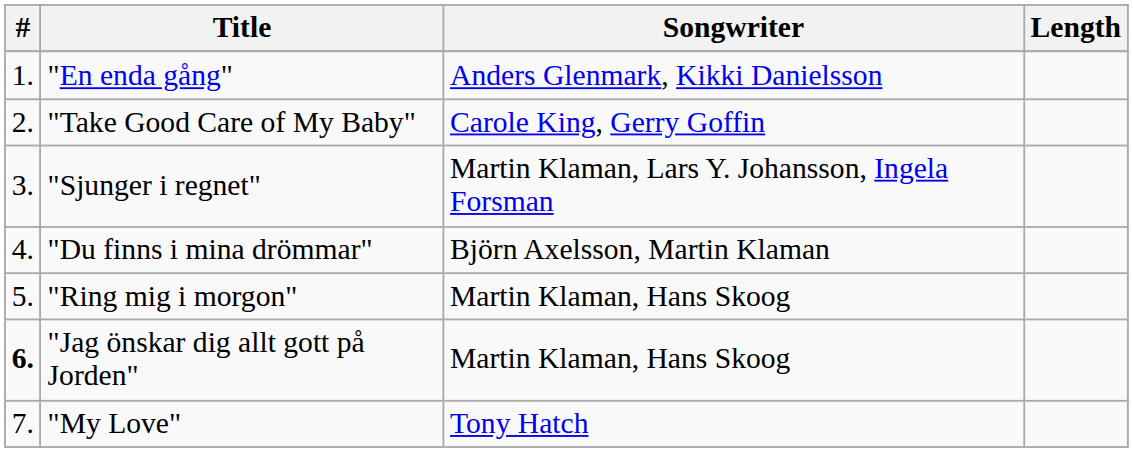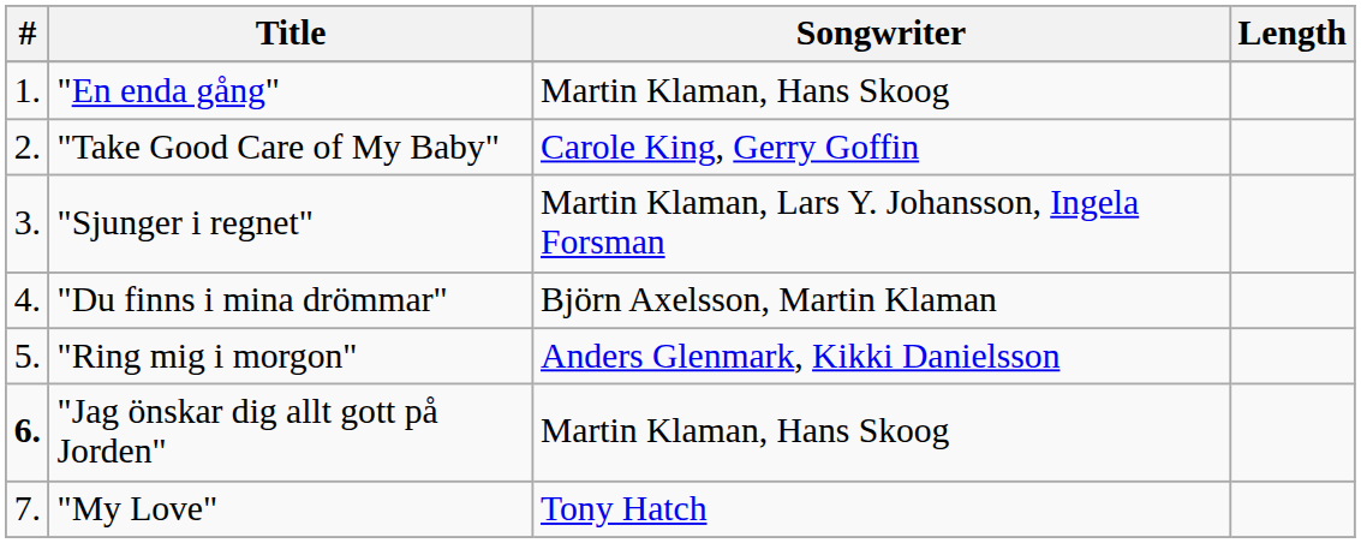 <table class="wikitable">
 <tr>
 <th>#</th>
 <th>Title</th>
 <th>Songwriter</th>
 <th>Length</th>
 </tr>
 <tr bgcolor="#ebf5ff">
 </tr>
 <tr>
 <td>1.</td>
 <td>"<a href='#'>En enda gång</a>"</td>
-<td><a href='#'>Anders Glenmark</a>, <a href='#'>Kikki Danielsson</a></td>
+<td>Martin Klaman, Hans Skoog</td>
 <td></td>
 </tr>
 <tr>
 <td>2.</td>
 <td>"Take Good Care of My Baby"</td>
 <td><a href='#'>Carole King</a>, <a href='#'>Gerry Goffin</a></td>
 <td></td>
 </tr>
 <tr>
 <td>3.</td>
 <td>"Sjunger i regnet"</td>
 <td>Martin Klaman, Lars Y. Johansson, <a href='#'>Ingela Forsman</a></td>
 </tr>
 <tr>
 <td>4.</td>
 <td>"Du finns i mina drömmar"</td>
 <td>Björn Axelsson, Martin Klaman</td>
 <td></td>
 </tr>
 <tr>
 <td>5.</td>
 <td>"Ring mig i morgon"</td>
-<td>Martin Klaman, Hans Skoog</td>
+<td><a href='#'>Anders Glenmark</a>, <a href='#'>Kikki Danielsson</a></td>
 </tr>
 <tr>
 <td><strong>6.</strong></td>
 <td>"Jag önskar dig allt gott på Jorden"</td>
 <td>Martin Klaman, Hans Skoog</td>
 <td></td>
 </tr>
 <tr>
 <td>7.</td>
 <td>"My Love"</td>
 <td><a href='#'>Tony Hatch</a></td>
 <td></td>
 </tr>
 </table>
